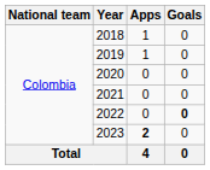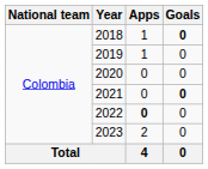 <table class=wikitable style=text-align:center>
 <tr>
 <th>National team</th>
 <th>Year</th>
 <th>Apps</th>
 <th>Goals</th>
 </tr>
 <tr>
 <td rowspan="6"><a href='#'>Colombia</a></td>
 <td>2018</td>
 <td>1</td>
-<td>0</td>
+<td><strong>0</strong></td>
 </tr>
 <tr>
 <td>2019</td>
 <td>1</td>
 <td>0</td>
 </tr>
 <tr>
 <td>2020</td>
 <td>0</td>
 <td>0</td>
 </tr>
 <tr>
 <td>2021</td>
 <td>0</td>
+<td><strong>0</strong></td>
+</tr>
+<tr>
+<td>2022</td>
+<td><strong>0</strong></td>
 <td>0</td>
 </tr>
 <tr>
-<td>2022</td>
-<td>0</td>
-<td><strong>0</strong></td>
-</tr>
-<tr>
 <td>2023</td>
-<td><strong>2</strong></td>
+<td>2</td>
 <td>0</td>
 </tr>
 <tr>
 <th colspan="2">Total</th>
 <th>4</th>
 <th>0</th>
 </tr>
 </table>
